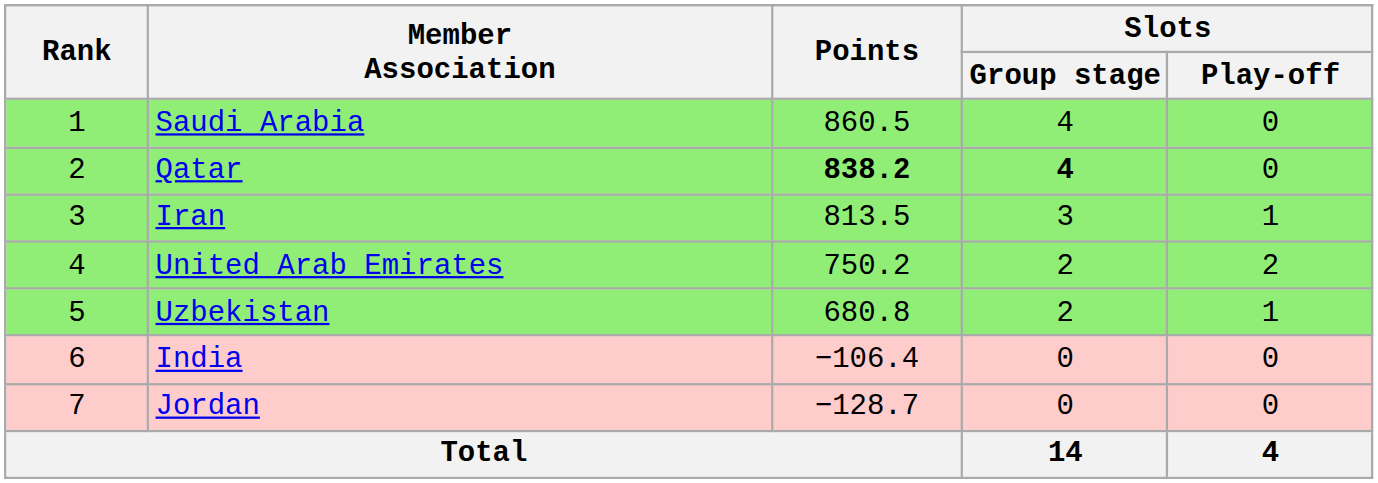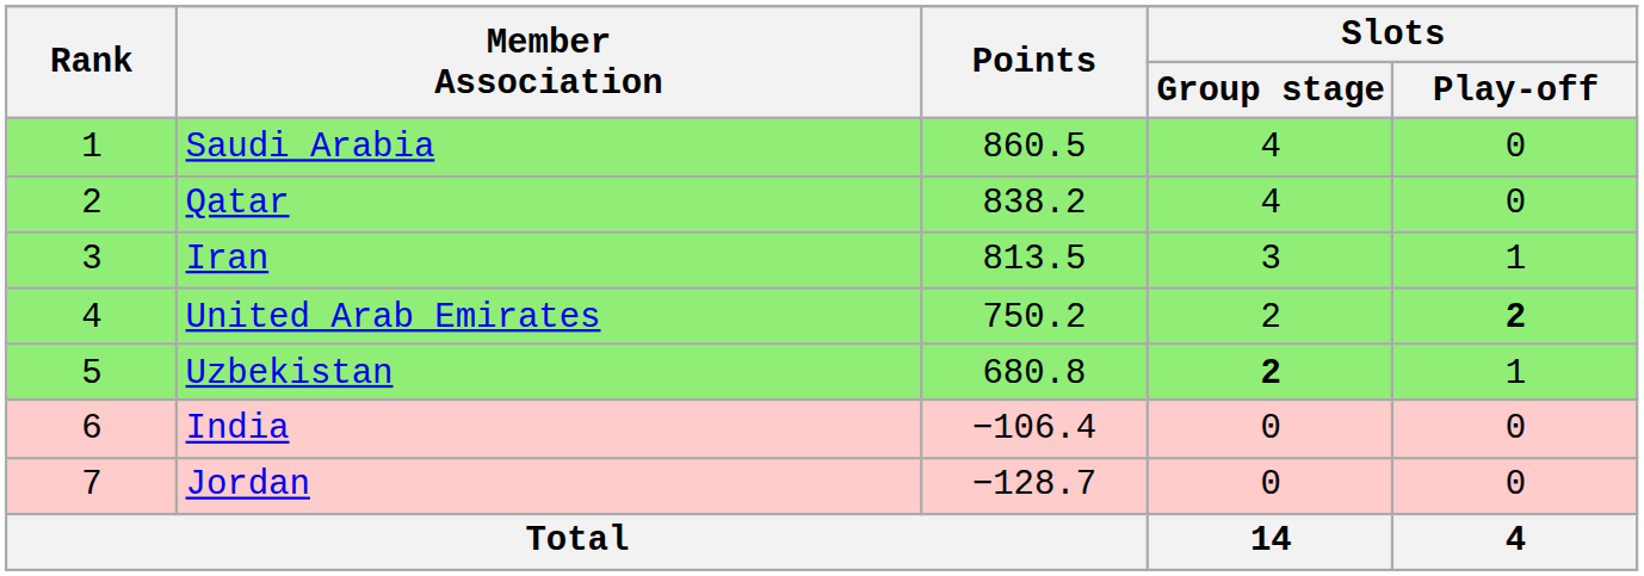 <table class="wikitable" style="text-align:center">
 <tr>
 </tr>
 <tr>
 <th rowspan=2>Rank</th>
 <th rowspan=2>Member<br>Association</th>
 <th rowspan=2 width=14%>Points</th>
 <th colspan=3>Slots</th>
 </tr>
 <tr>
 <th width=15%>Group stage</th>
 <th width=15%>Play-off</th>
 </tr>
 <tr bgcolor=#90EE77>
 <td>1</td>
 <td align=left> <a href='#'>Saudi Arabia</a></td>
 <td>860.5</td>
 <td>4</td>
 <td>0</td>
 </tr>
 <tr bgcolor=#90EE77>
 <td>2</td>
 <td align=left> <a href='#'>Qatar</a></td>
-<td><strong>838.2</strong></td>
-<td><strong>4</strong></td>
+<td>838.2</td>
+<td>4</td>
 <td>0</td>
 </tr>
 <tr bgcolor=#90EE77>
 <td>3</td>
 <td align=left> <a href='#'>Iran</a></td>
 <td>813.5</td>
 <td>3</td>
 <td>1</td>
 </tr>
 <tr bgcolor=#90EE77>
 <td>4</td>
 <td align=left> <a href='#'>United Arab Emirates</a></td>
 <td>750.2</td>
 <td>2</td>
-<td>2</td>
+<td><strong>2</strong></td>
 </tr>
 <tr bgcolor=#90EE77>
 <td>5</td>
 <td align=left> <a href='#'>Uzbekistan</a></td>
 <td>680.8</td>
-<td>2</td>
+<td><strong>2</strong></td>
 <td>1</td>
 </tr>
 <tr bgcolor=#ffcccc>
 <td>6</td>
 <td align=left> <a href='#'>India</a></td>
 <td>−106.4</td>
 <td>0</td>
 <td>0</td>
 </tr>
 <tr bgcolor=#ffcccc>
 <td>7</td>
 <td align=left> <a href='#'>Jordan</a></td>
 <td>−128.7</td>
 <td>0</td>
 <td>0</td>
 </tr>
 <tr>
 <th colspan=3>Total</th>
 <th>14</th>
 <th>4</th>
 </tr>
 </table>
